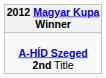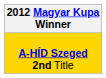 <table class=wikitable style="text-align:center; margin:auto">
 <tr>
 <th>2012 <a href='#'>Magyar Kupa</a><br>Winner</th>
 </tr>
 <tr>
-<td align=center><br><strong><a href='#'>A-HÍD Szeged</a></strong><br><strong>2nd</strong> Title</td>
+<td align=center style="background: gold;"><br><strong><a href='#'>A-HÍD Szeged</a></strong><br><strong>2nd</strong> Title</td>
 </tr>
 </table>
